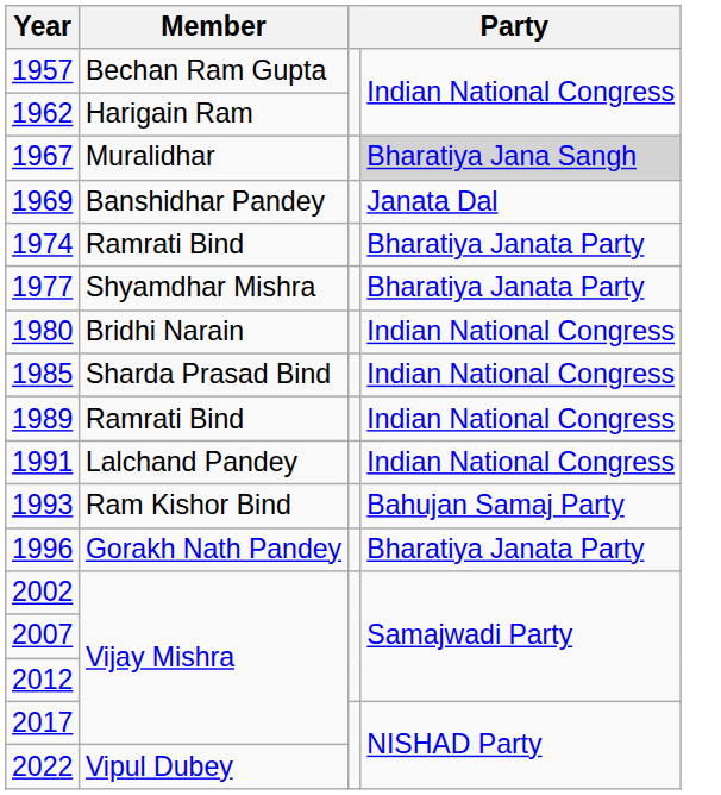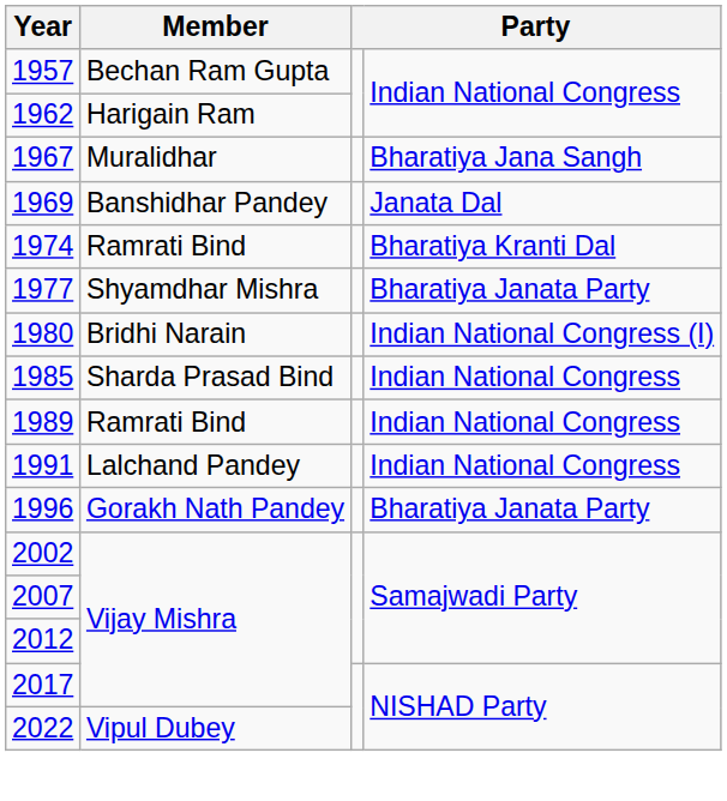 <table class="wikitable">
 <tr>
 <th>Year</th>
 <th>Member</th>
 <th colspan="2">Party</th>
 </tr>
 <tr>
 <td><a href='#'>1957</a></td>
 <td>Bechan Ram Gupta</td>
 <td rowspan="2" style="background-color: "></td>
 <td rowspan="2"><a href='#'>Indian National Congress</a></td>
 </tr>
 <tr>
 <td><a href='#'>1962</a></td>
 <td>Harigain Ram</td>
 </tr>
 <tr>
 <td><a href='#'>1967</a></td>
 <td>Muralidhar</td>
 <td style="background-color: "></td>
-<td style="background: lightgrey;"><a href='#'>Bharatiya Jana Sangh</a></td>
+<td><a href='#'>Bharatiya Jana Sangh</a></td>
 </tr>
 <tr>
 <td><a href='#'>1969</a></td>
 <td>Banshidhar Pandey</td>
 <td style="background-color: "></td>
 <td><a href='#'>Janata Dal</a></td>
 </tr>
 <tr>
 <td><a href='#'>1974</a></td>
 <td>Ramrati Bind</td>
 <td style="background-color: "></td>
-<td><a href='#'>Bharatiya Janata Party</a></td>
+<td><a href='#'>Bharatiya Kranti Dal</a></td>
 </tr>
 <tr>
 <td><a href='#'>1977</a></td>
 <td>Shyamdhar Mishra</td>
 <td style="background-color: "></td>
 <td><a href='#'>Bharatiya Janata Party</a></td>
 </tr>
 <tr>
 <td><a href='#'>1980</a></td>
 <td>Bridhi Narain</td>
 <td style="background-color: "></td>
-<td><a href='#'>Indian National Congress</a></td>
+<td><a href='#'>Indian National Congress (I)</a></td>
 </tr>
 <tr>
 <td><a href='#'>1985</a></td>
 <td>Sharda Prasad Bind</td>
 <td style="background-color: "></td>
 <td><a href='#'>Indian National Congress</a></td>
 </tr>
 <tr>
 <td><a href='#'>1989</a></td>
 <td>Ramrati Bind</td>
 <td style="background-color: "></td>
 <td><a href='#'>Indian National Congress</a></td>
 </tr>
 <tr>
 <td><a href='#'>1991</a></td>
 <td>Lalchand Pandey</td>
 <td style="background-color: "></td>
 <td><a href='#'>Indian National Congress</a></td>
-</tr>
-<tr>
-<td><a href='#'>1993</a></td>
-<td>Ram Kishor Bind</td>
-<td style="background-color: "></td>
-<td><a href='#'>Bahujan Samaj Party</a></td>
 </tr>
 <tr>
 <td><a href='#'>1996</a></td>
 <td><a href='#'>Gorakh Nath Pandey</a></td>
 <td style="background-color: "></td>
 <td><a href='#'>Bharatiya Janata Party</a></td>
 </tr>
 <tr>
 <td><a href='#'>2002</a></td>
 <td rowspan="4"><a href='#'>Vijay Mishra</a></td>
 <td rowspan="3" style="background-color: "></td>
 <td rowspan="3"><a href='#'>Samajwadi Party</a></td>
 </tr>
 <tr>
 <td><a href='#'>2007</a></td>
 </tr>
 <tr>
 <td><a href='#'>2012</a></td>
 </tr>
 <tr>
 <td><a href='#'>2017</a></td>
 <td rowspan="2" style="background-color: "></td>
 <td rowspan="2"><a href='#'>NISHAD Party</a></td>
 </tr>
 <tr>
 <td><a href='#'>2022</a></td>
 <td><a href='#'>Vipul Dubey</a></td>
 </tr>
 </table>
